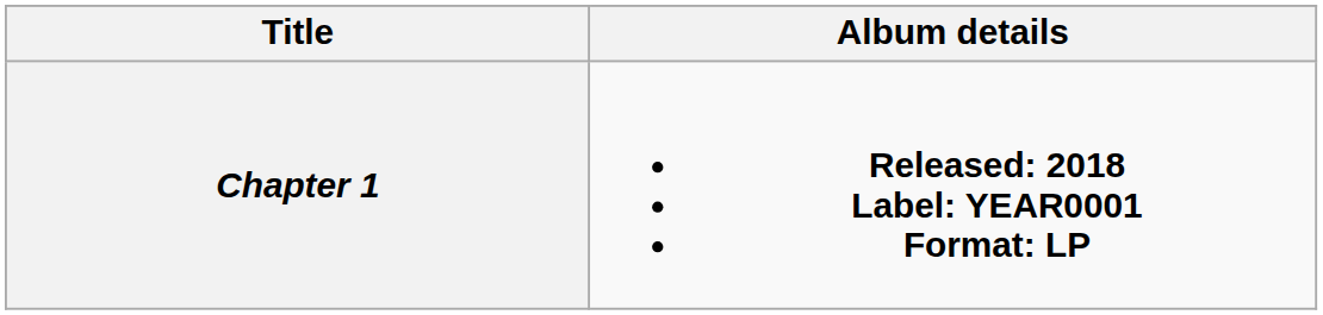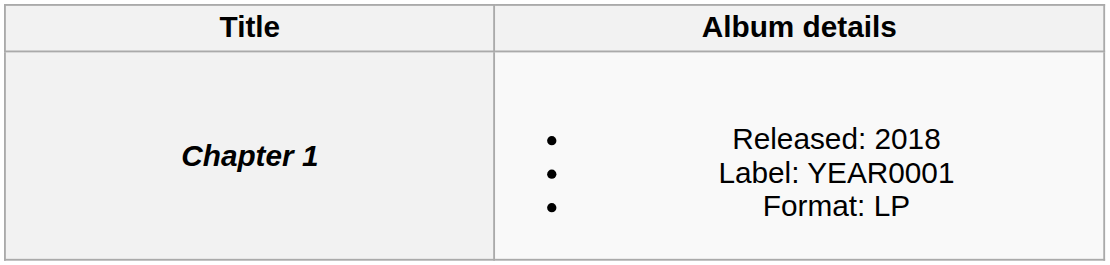 <table class="wikitable plainrowheaders" style="text-align:center;">
 <tr>
 <th scope="col" style="width:16em;">Title</th>
 <th scope="col" style="width:20em;">Album details</th>
 </tr>
 <tr>
 <th scope="row"><em>Chapter 1</em><br></th>
-<td><strong><br><ul><li>Released: 2018</li><li>Label: YEAR0001</li><li>Format: LP</li></ul></strong></td>
+<td><br><ul><li>Released: 2018</li><li>Label: YEAR0001</li><li>Format: LP</li></ul></td>
 </tr>
 </table>
